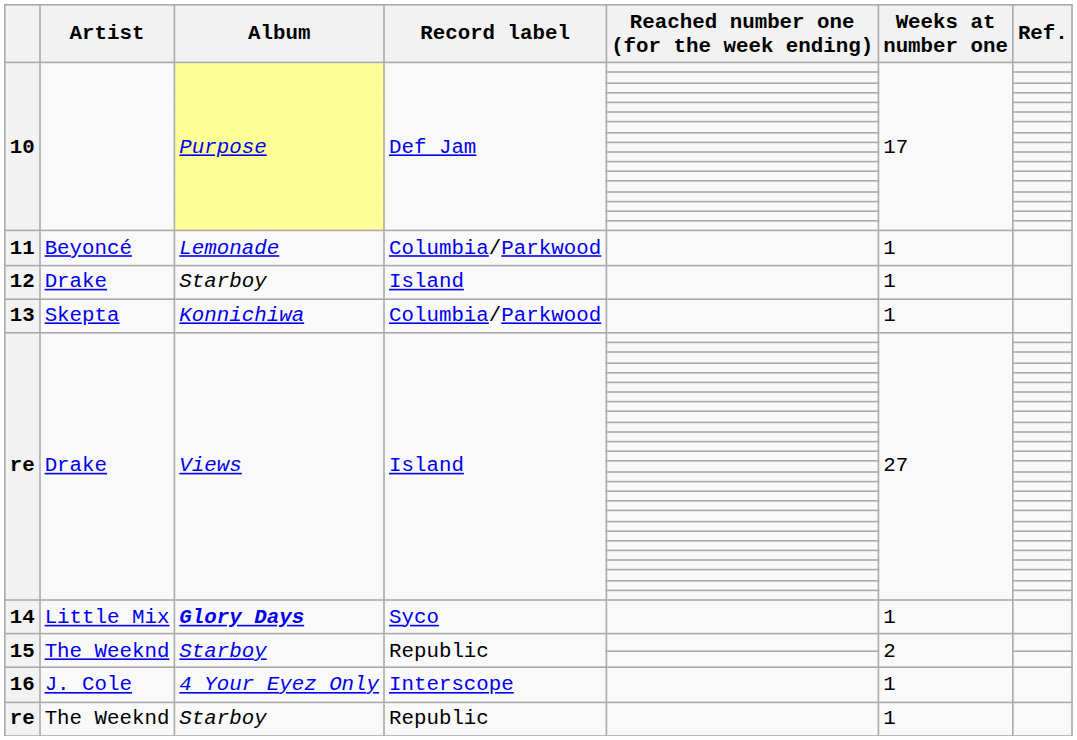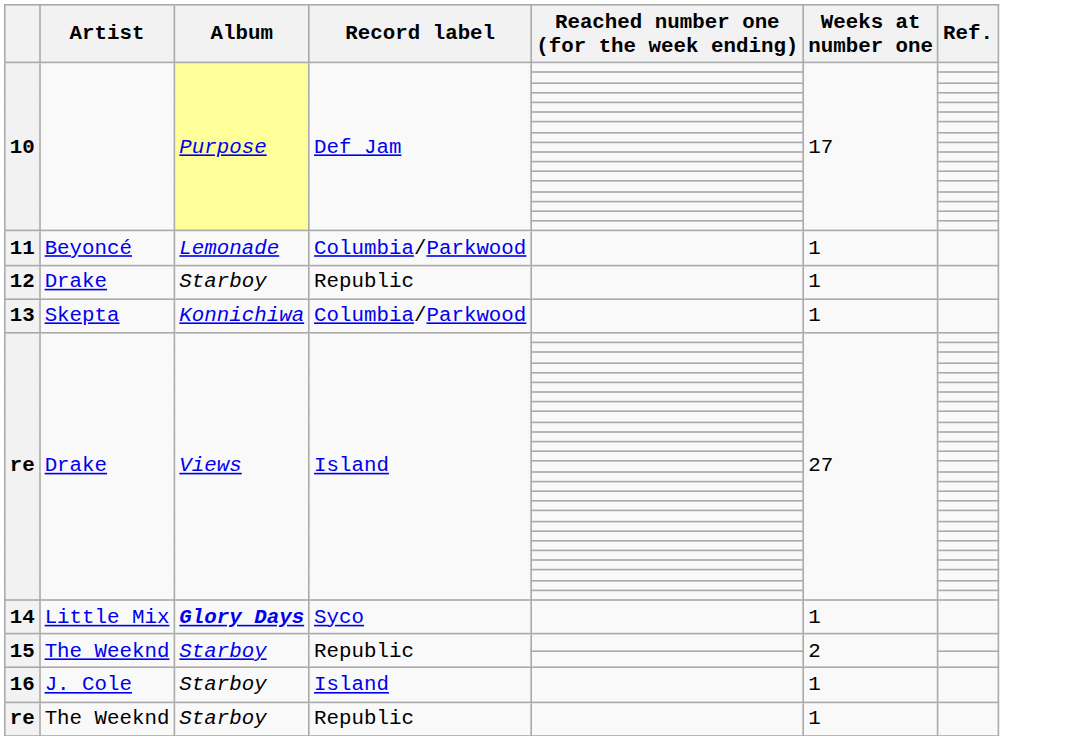 <table class="wikitable plainrowheaders sortable">
 <tr>
 <th scope=col></th>
 <th scope=col>Artist</th>
 <th scope=col>Album</th>
 <th scope=col>Record label</th>
 <th scope=col>Reached number one<br>(for the week ending)</th>
 <th scope=col>Weeks at<br>number one</th>
 <th scope=col>Ref.</th>
 </tr>
 <tr>
 <th scope=row style="text-align:center;" rowspan="17">10</th>
 <td rowspan="17"></td>
 <td rowspan="17" style="background:#ff9;"><em><a href='#'>Purpose</a></em> </td>
 <td rowspan="17"><a href='#'>Def Jam</a></td>
 <td></td>
 <td rowspan="17">17</td>
 <td align=center></td>
 </tr>
 <tr>
 <td></td>
 <td align=center></td>
 </tr>
 <tr>
 <td></td>
 <td align=center></td>
 </tr>
 <tr>
 <td></td>
 <td align=center></td>
 </tr>
 <tr>
 <td></td>
 <td align=center></td>
 </tr>
 <tr>
 <td></td>
 <td align=center></td>
 </tr>
 <tr>
 <td></td>
 <td align=center></td>
 </tr>
 <tr>
 <td></td>
 <td align=center></td>
 </tr>
 <tr>
 <td></td>
 <td align=center></td>
 </tr>
 <tr>
 <td></td>
 <td align=center></td>
 </tr>
 <tr>
 <td></td>
 <td align=center></td>
 </tr>
 <tr>
 <td></td>
 <td align=center></td>
 </tr>
 <tr>
 <td></td>
 <td align=center></td>
 </tr>
 <tr>
 <td></td>
 <td align=center></td>
 </tr>
 <tr>
 <td></td>
 <td align=center></td>
 </tr>
 <tr>
 <td></td>
 <td align=center></td>
 </tr>
 <tr>
 <td></td>
 <td align=center></td>
 </tr>
 <tr>
 <th scope=row style="text-align:center;">11</th>
 <td><a href='#'>Beyoncé</a></td>
 <td><em><a href='#'>Lemonade</a></em></td>
 <td><a href='#'>Columbia</a>/<a href='#'>Parkwood</a></td>
 <td></td>
 <td>1</td>
 <td align=center></td>
 </tr>
 <tr>
 <th scope=row style="text-align:center;">12</th>
 <td><a href='#'>Drake</a></td>
 <td><em>Starboy</em></td>
-<td><a href='#'>Island</a></td>
+<td>Republic</td>
 <td></td>
 <td>1</td>
 <td align=center></td>
 </tr>
 <tr>
 <th scope=row style="text-align:center;">13</th>
 <td><a href='#'>Skepta</a></td>
 <td><em><a href='#'>Konnichiwa</a></em></td>
 <td><a href='#'>Columbia</a>/<a href='#'>Parkwood</a></td>
 <td></td>
 <td>1</td>
 <td align=center></td>
 </tr>
 <tr>
 <th scope=row style="text-align:center;" rowspan="27">re</th>
 <td rowspan="27"><a href='#'>Drake</a></td>
 <td rowspan="27"><em><a href='#'>Views</a></em></td>
 <td rowspan="27"><a href='#'>Island</a></td>
 <td></td>
 <td rowspan="27">27</td>
 <td align=center></td>
 </tr>
 <tr>
 <td></td>
 <td align=center></td>
 </tr>
 <tr>
 <td></td>
 <td align=center></td>
 </tr>
 <tr>
 <td></td>
 <td align=center></td>
 </tr>
 <tr>
 <td></td>
 <td align=center></td>
 </tr>
 <tr>
 <td></td>
 <td align=center></td>
 </tr>
 <tr>
 <td></td>
 <td align=center></td>
 </tr>
 <tr>
 <td></td>
 <td align=center></td>
 </tr>
 <tr>
 <td></td>
 <td align=center></td>
 </tr>
 <tr>
 <td></td>
 <td align=center></td>
 </tr>
 <tr>
 <td></td>
 <td align=center></td>
 </tr>
 <tr>
 <td></td>
 <td align=center></td>
 </tr>
 <tr>
 <td></td>
 <td align=center></td>
 </tr>
 <tr>
 <td></td>
 <td align=center></td>
 </tr>
 <tr>
 <td></td>
 <td align=center></td>
 </tr>
 <tr>
 <td></td>
 <td align=center></td>
 </tr>
 <tr>
 <td></td>
 <td align=center></td>
 </tr>
 <tr>
 <td></td>
 <td align=center></td>
 </tr>
 <tr>
 <td></td>
 <td align=center></td>
 </tr>
 <tr>
 <td></td>
 <td align=center></td>
 </tr>
 <tr>
 <td></td>
 <td align=center></td>
 </tr>
 <tr>
 <td></td>
 <td align=center></td>
 </tr>
 <tr>
 <td></td>
 <td align=center></td>
 </tr>
 <tr>
 <td></td>
 <td align=center></td>
 </tr>
 <tr>
 <td></td>
 <td align=center></td>
 </tr>
 <tr>
 <td></td>
 <td align=center></td>
 </tr>
 <tr>
 <td></td>
 <td align=center></td>
 </tr>
 <tr>
 <th scope=row style="text-align:center;">14</th>
 <td><a href='#'>Little Mix</a></td>
 <td><strong><em><a href='#'>Glory Days</a></em></strong></td>
 <td><a href='#'>Syco</a></td>
 <td></td>
 <td>1</td>
 <td align=center></td>
 </tr>
 <tr>
 <th scope=row style="text-align:center;" rowspan="2">15</th>
 <td rowspan="2"><a href='#'>The Weeknd</a></td>
 <td rowspan="2"><em><a href='#'>Starboy</a></em></td>
 <td rowspan="2">Republic</td>
 <td></td>
 <td rowspan="2">2</td>
 <td align=center></td>
 </tr>
 <tr>
 <td></td>
 <td align=center></td>
 </tr>
 <tr>
 <th scope=row style="text-align:center;">16</th>
 <td><a href='#'>J. Cole</a></td>
-<td><em><a href='#'>4 Your Eyez Only</a></em></td>
-<td><a href='#'>Interscope</a></td>
+<td><em>Starboy</em></td>
+<td><a href='#'>Island</a></td>
 <td></td>
 <td>1</td>
 <td align=center></td>
 </tr>
 <tr>
 <th scope=row style="text-align:center;">re</th>
 <td>The Weeknd</td>
 <td><em>Starboy</em></td>
 <td>Republic</td>
 <td></td>
 <td>1</td>
 <td align=center></td>
 </tr>
 </table>
